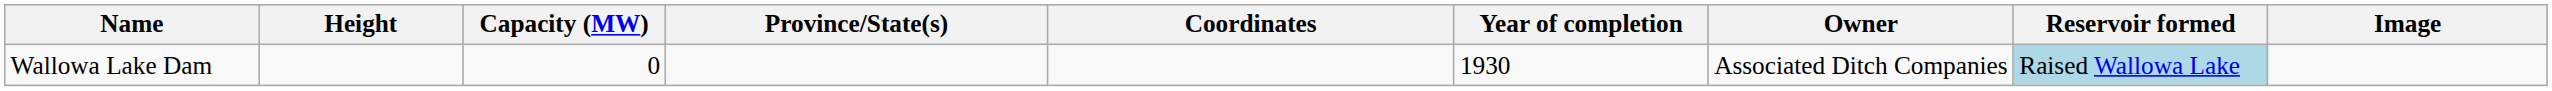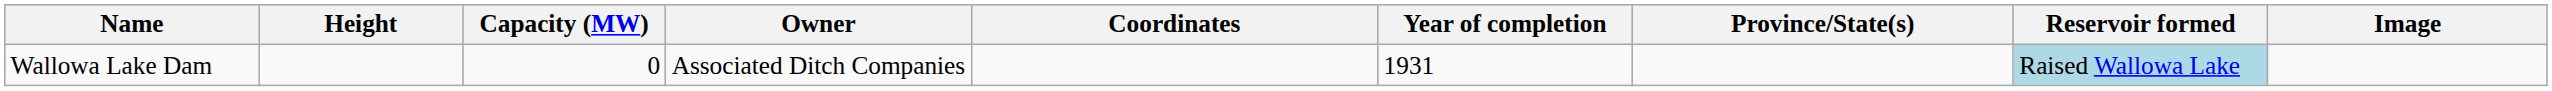 <table class="wikitable sortable" border="1">
 <tr>
 <th width="10%">Name</th>
 <th width="8%">Height</th>
 <th width="8%">Capacity (<a href='#'>MW</a>)</th>
-<th width="15%">Province/State(s)</th>
+<th width="12%">Owner</th>
 <th width="16%">Coordinates</th>
 <th width="10%">Year of completion</th>
-<th width="12%">Owner</th>
+<th width="15%">Province/State(s)</th>
 <th width="10%">Reservoir formed</th>
 <th>Image</th>
 </tr>
 <tr>
 <td>Wallowa Lake Dam</td>
 <td></td>
 <td align="right">0</td>
+<td>Associated Ditch Companies</td>
 <td></td>
+<td>1931</td>
 <td></td>
-<td>1930</td>
-<td>Associated Ditch Companies</td>
 <td style="background: lightblue;">Raised <a href='#'>Wallowa Lake</a></td>
 <td></td>
 </tr>
 </table>
